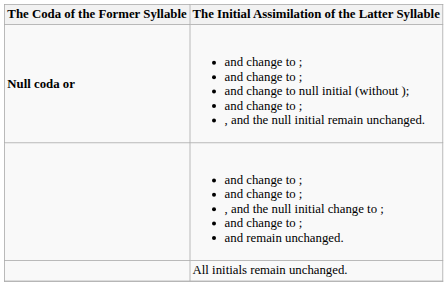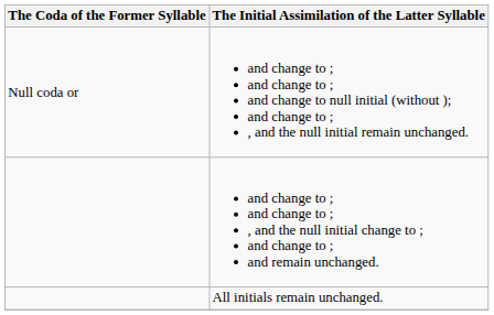 <table class="wikitable">
 <tr>
 <th bgcolor="#ABCDEF">The Coda of the Former Syllable</th>
 <th bgcolor="#ABCDEF">The Initial Assimilation of the Latter Syllable</th>
 </tr>
 <tr>
-<td><strong>Null coda or </strong></td>
+<td>Null coda or </td>
 <td><br><ul><li> and  change to ;</li><li> and  change to ;</li><li> and  change to null initial (without );</li><li> and  change to ;</li><li>,  and the null initial remain unchanged.</li></ul></td>
 </tr>
 <tr>
 <td></td>
 <td><br><ul><li> and  change to ;</li><li> and  change to ;</li><li>,  and the null initial change to ;</li><li> and  change to ;</li><li> and  remain unchanged.</li></ul></td>
 </tr>
 <tr>
 <td></td>
 <td>All initials remain unchanged.</td>
 </tr>
 <tr>
 </tr>
 </table>
